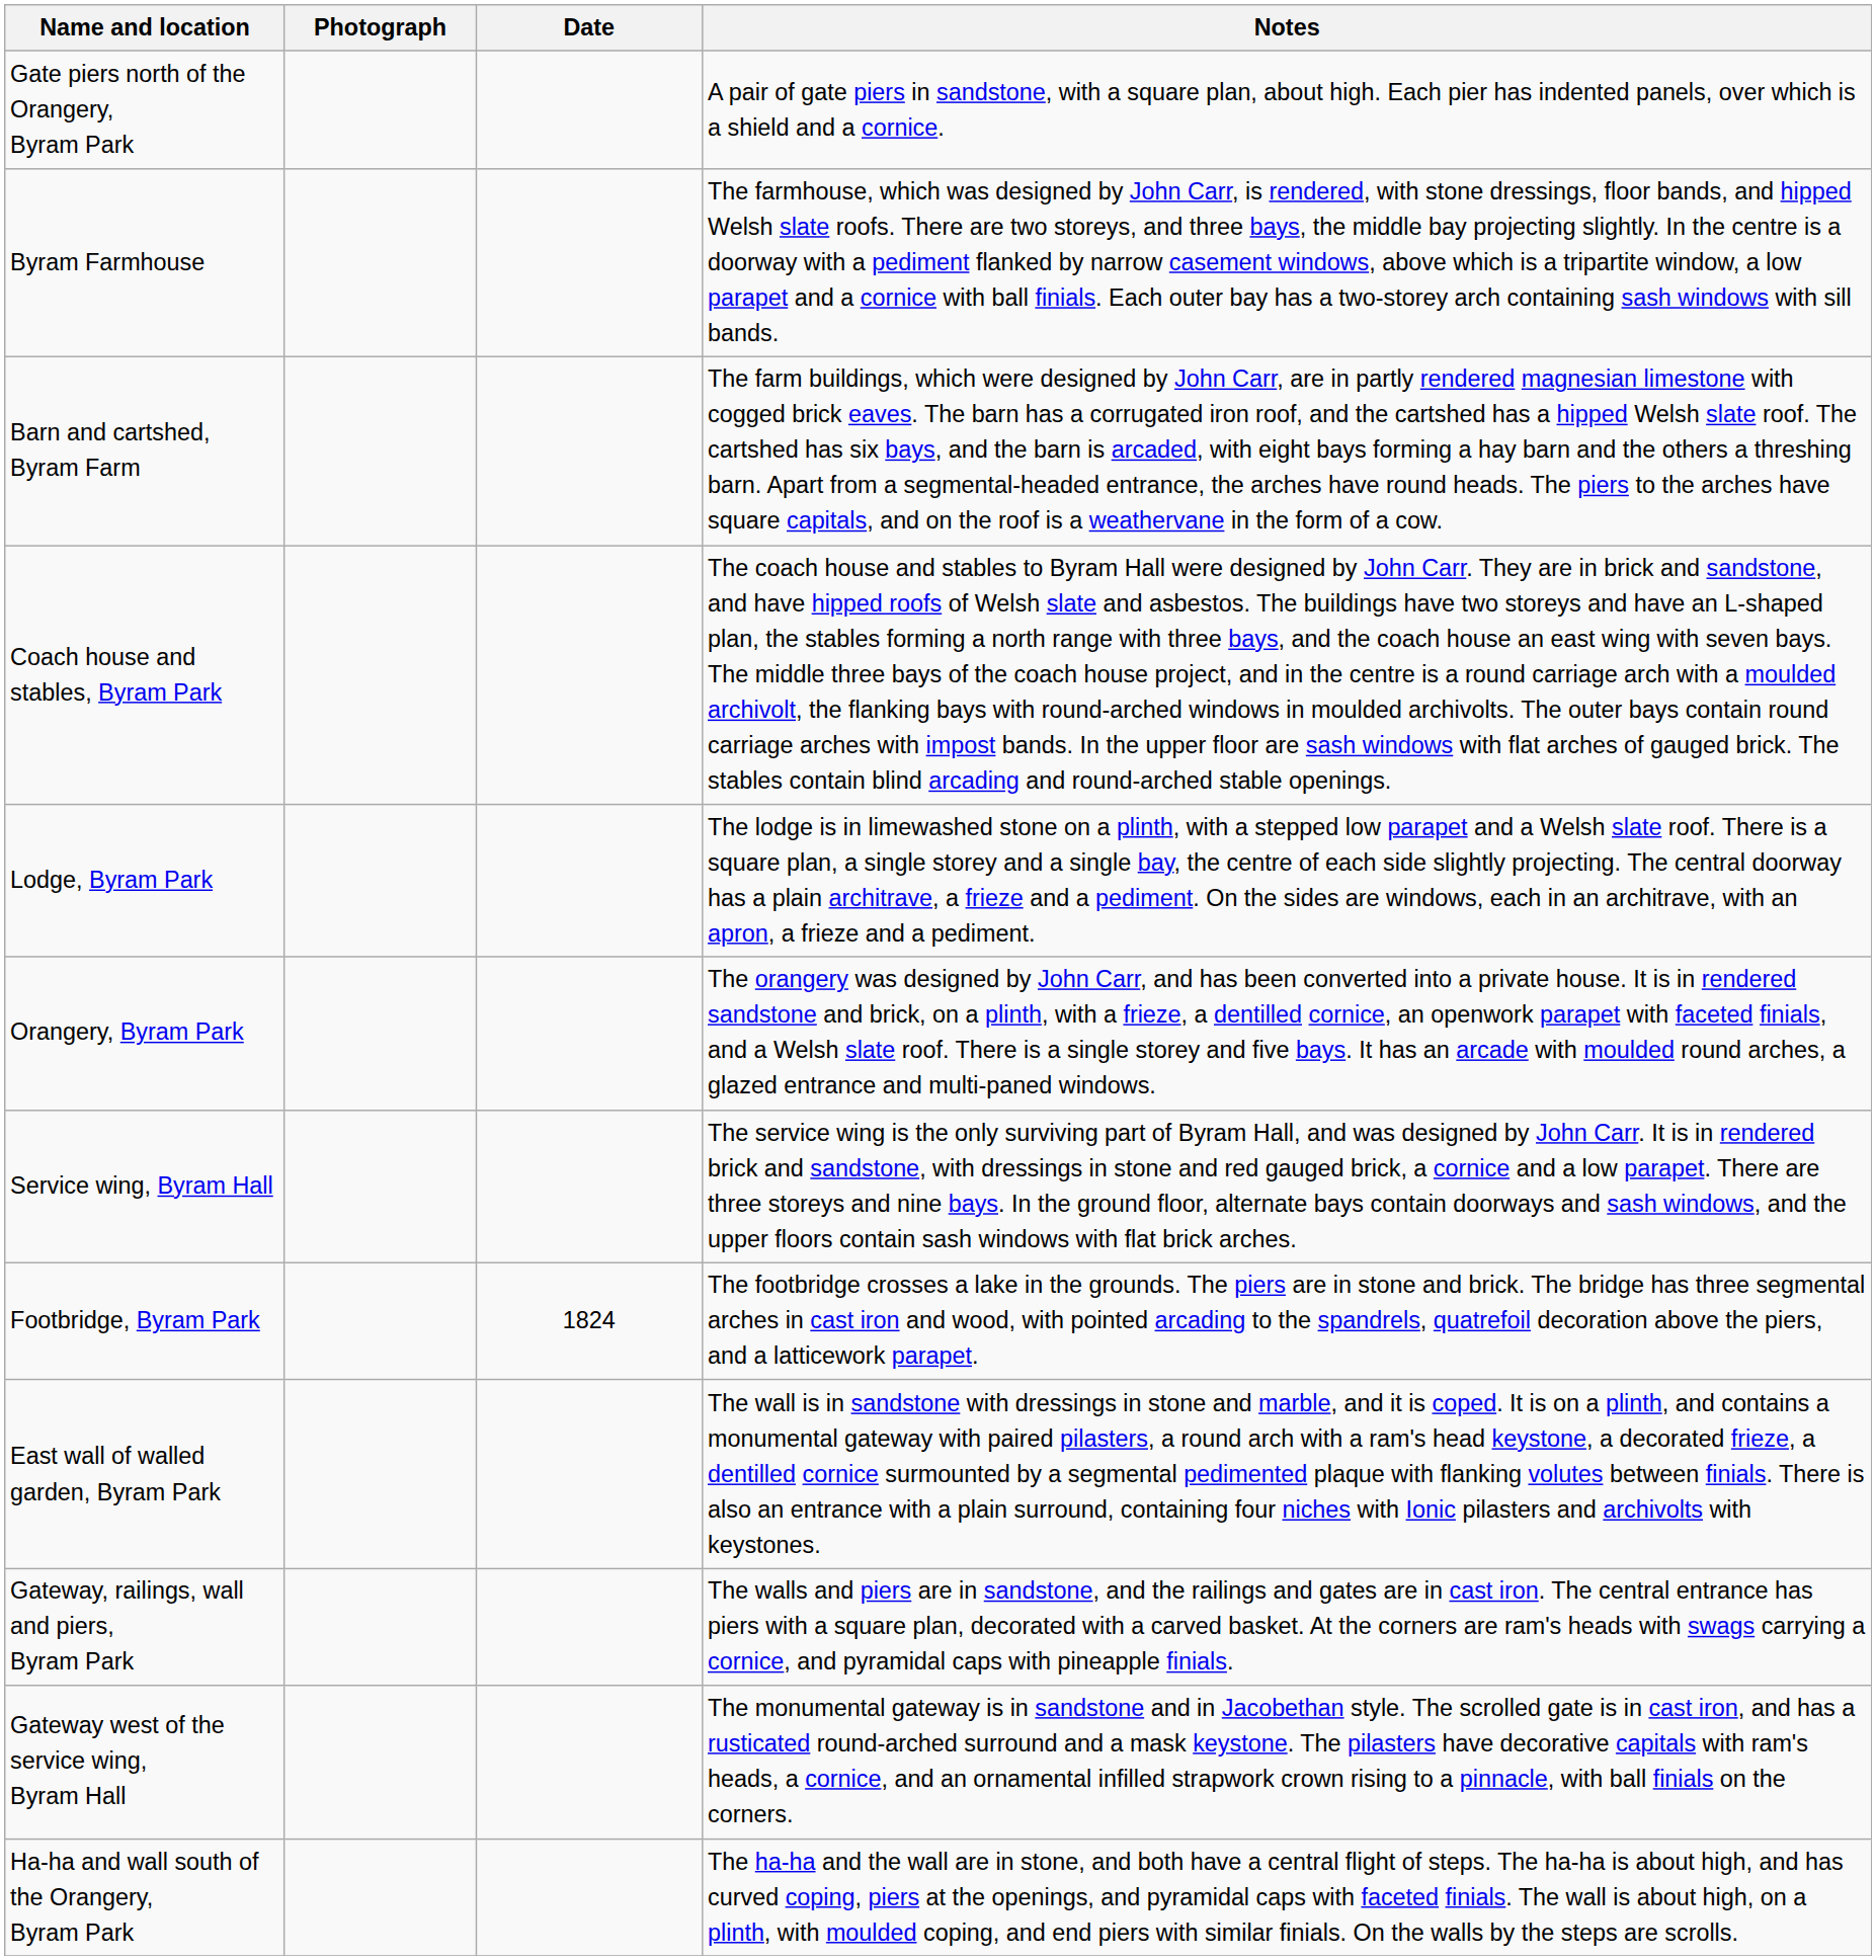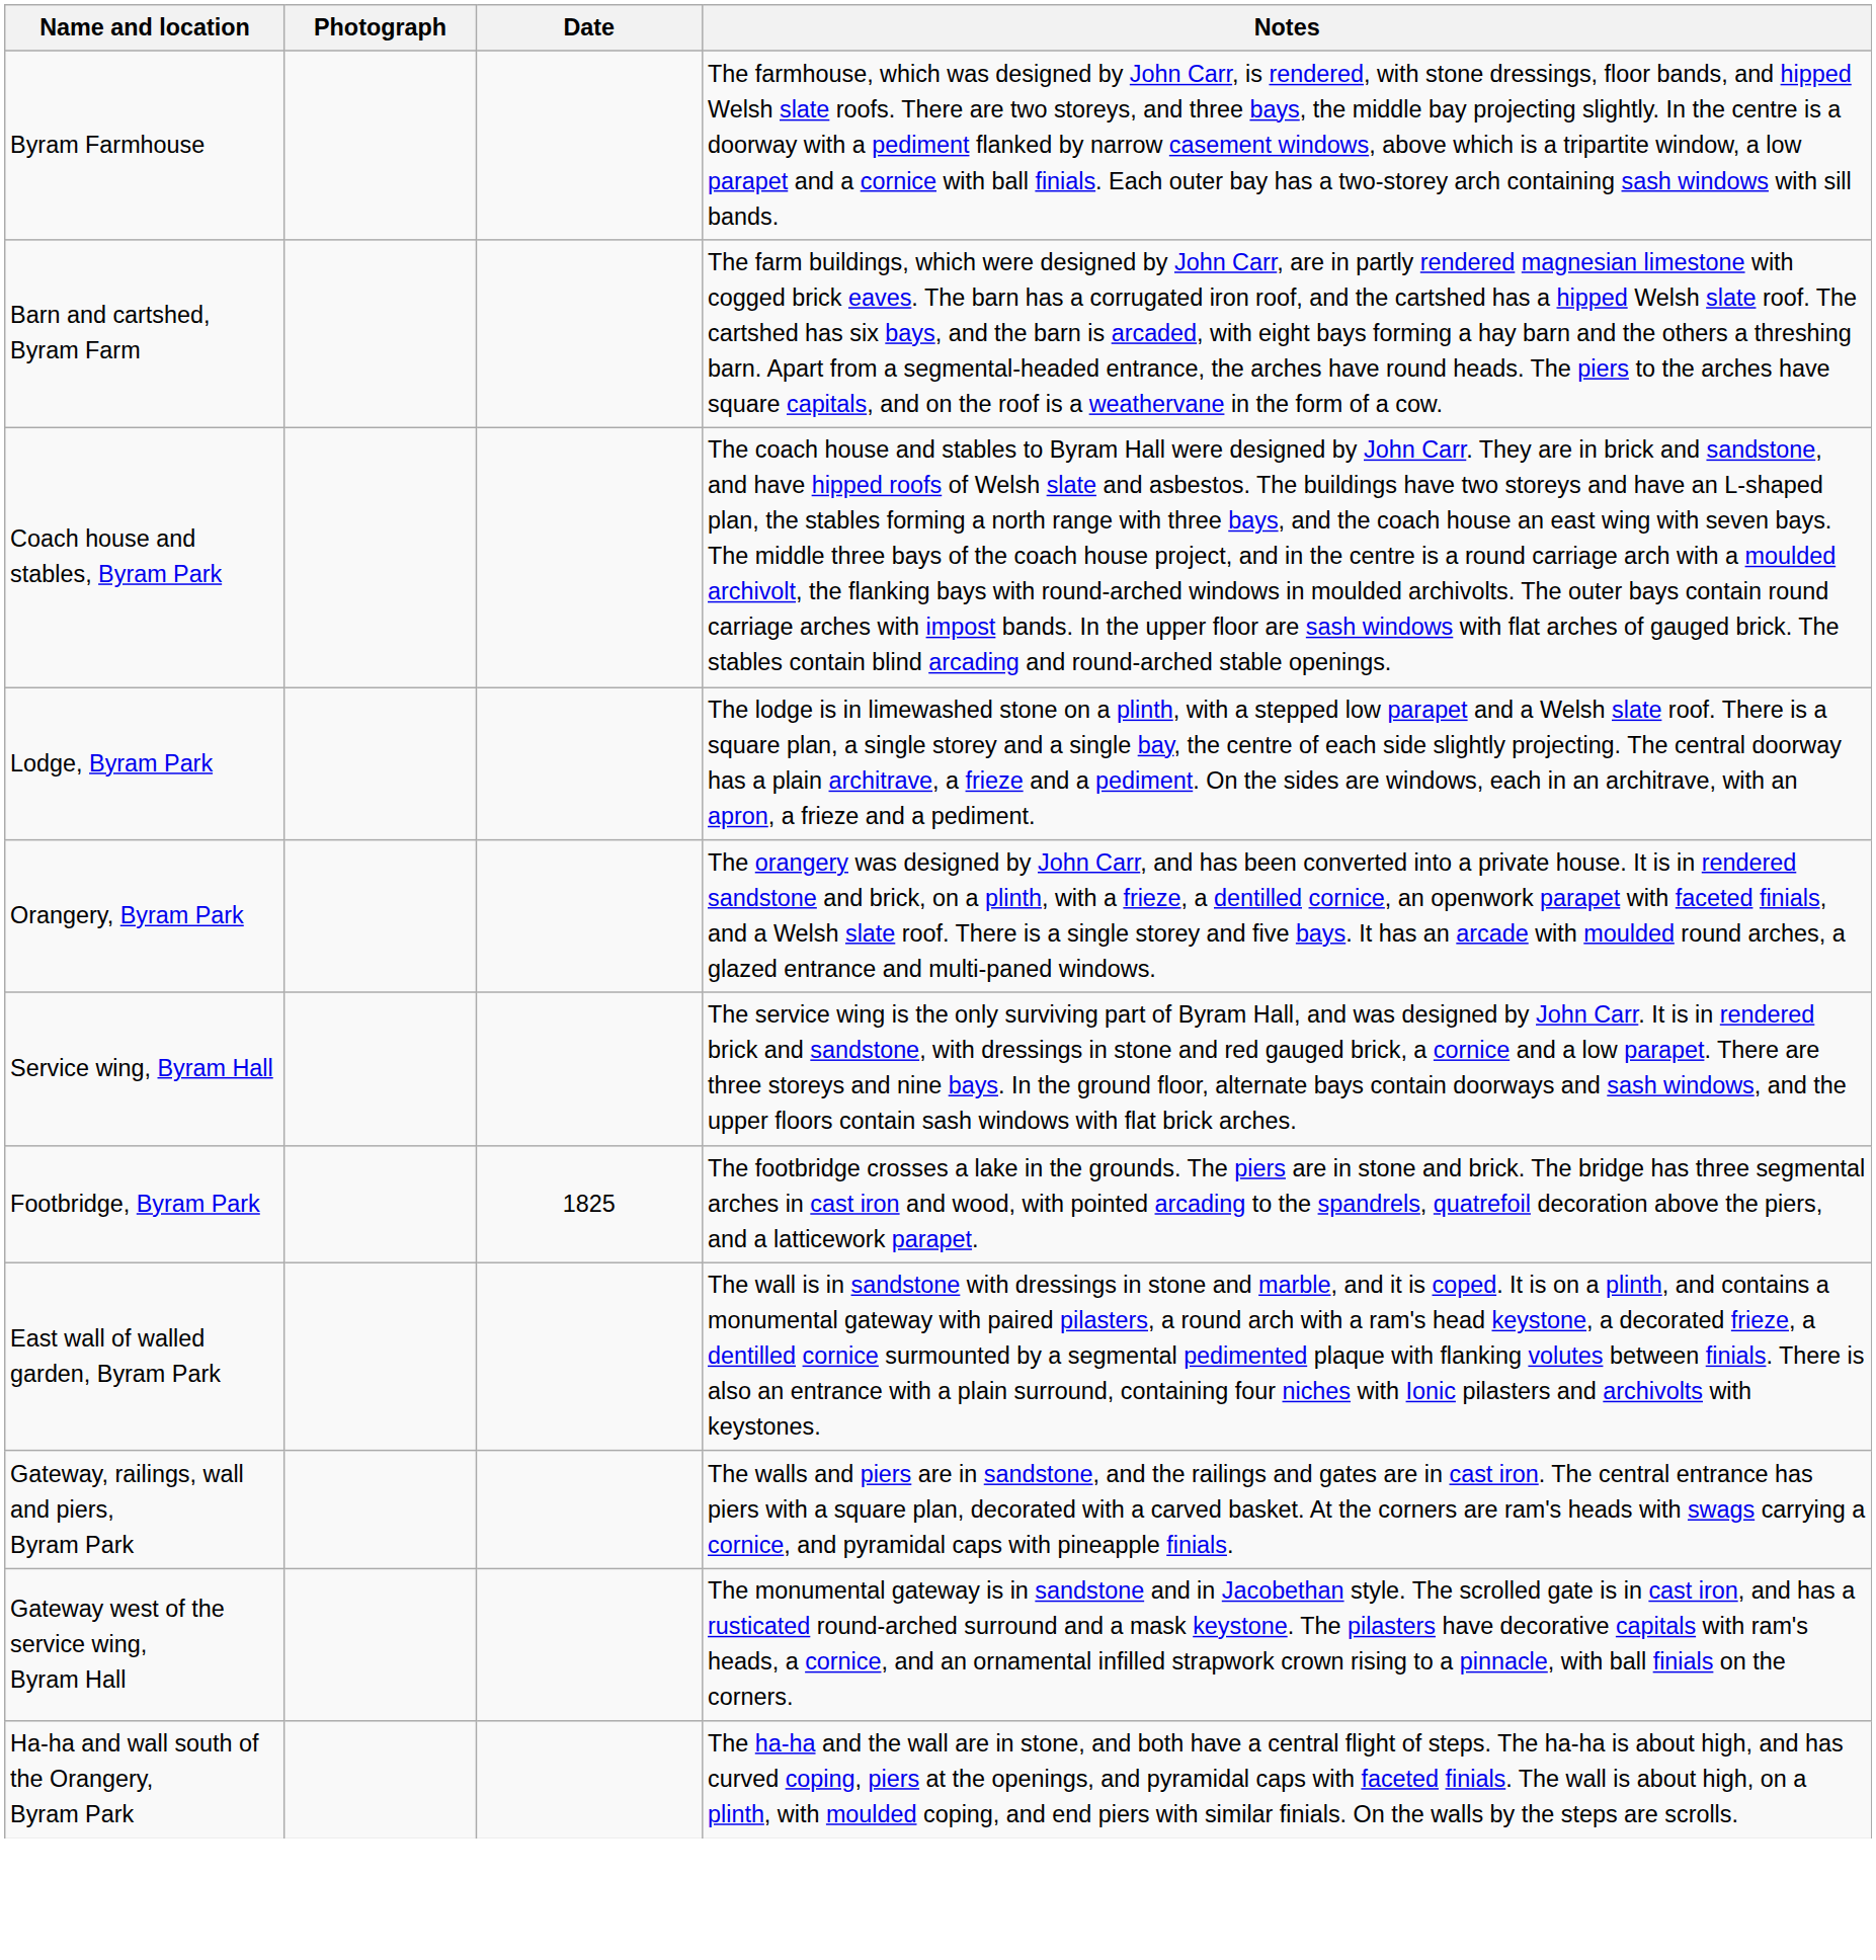 <table class="wikitable sortable plainrowheaders" style="width:100%;border:0px;text-align:left;line-height:150%;">
 <tr>
 <th scope="col"  style="width:150px">Name and location</th>
 <th scope="col"  style="width:100px" class="unsortable">Photograph</th>
 <th scope="col"  style="width:120px">Date</th>
 <th scope="col"  style="width:650px" class="unsortable">Notes</th>
-</tr>
-<tr>
-<td>Gate piers north of the Orangery,<br>Byram Park<br><small></small></td>
-<td></td>
-<td align="center"></td>
-<td>A pair of gate <a href='#'>piers</a> in <a href='#'>sandstone</a>, with a square plan, about  high.  Each pier has indented panels, over which is a shield and a <a href='#'>cornice</a>.</td>
 </tr>
 <tr>
 <td>Byram Farmhouse<br><small></small></td>
 <td></td>
 <td align="center"></td>
 <td>The farmhouse, which was designed by <a href='#'>John Carr</a>, is <a href='#'>rendered</a>, with stone dressings, floor bands, and <a href='#'>hipped</a> Welsh <a href='#'>slate</a> roofs.  There are two storeys, and three <a href='#'>bays</a>, the middle bay projecting slightly.  In the centre is a doorway with a <a href='#'>pediment</a> flanked by narrow <a href='#'>casement windows</a>, above which is a tripartite window, a low <a href='#'>parapet</a> and a <a href='#'>cornice</a> with ball <a href='#'>finials</a>.  Each outer bay has a two-storey arch containing <a href='#'>sash windows</a> with sill bands.</td>
 </tr>
 <tr>
 <td>Barn and cartshed, Byram Farm<br><small></small></td>
 <td></td>
 <td align="center"></td>
 <td>The farm buildings, which were designed by <a href='#'>John Carr</a>, are in partly <a href='#'>rendered</a> <a href='#'>magnesian limestone</a> with cogged brick <a href='#'>eaves</a>.  The barn has a corrugated iron roof, and the cartshed has a <a href='#'>hipped</a> Welsh <a href='#'>slate</a> roof.  The cartshed has six <a href='#'>bays</a>, and the barn is <a href='#'>arcaded</a>, with eight bays forming a hay barn and the others a threshing barn.  Apart from a segmental-headed entrance, the arches have round heads.  The <a href='#'>piers</a> to the arches have square <a href='#'>capitals</a>, and on the roof is a <a href='#'>weathervane</a> in the form of a cow.</td>
 </tr>
 <tr>
 <td>Coach house and stables, <a href='#'>Byram Park</a><br><small></small></td>
 <td></td>
 <td align="center"></td>
 <td>The coach house and stables to Byram Hall were designed by <a href='#'>John Carr</a>.  They are in brick and <a href='#'>sandstone</a>, and have <a href='#'>hipped roofs</a> of Welsh <a href='#'>slate</a> and asbestos.  The buildings have two storeys and have an L-shaped plan, the stables forming a north range with three <a href='#'>bays</a>, and the coach house an east wing with seven bays.  The middle three bays of the coach house project, and in the centre is a round carriage arch with a <a href='#'>moulded</a> <a href='#'>archivolt</a>, the flanking bays with round-arched windows in moulded archivolts.  The outer bays contain round carriage arches with <a href='#'>impost</a> bands.  In the upper floor are <a href='#'>sash windows</a> with flat arches of gauged brick.  The stables contain blind <a href='#'>arcading</a> and round-arched stable openings.</td>
 </tr>
 <tr>
 <td>Lodge, <a href='#'>Byram Park</a><br><small></small></td>
 <td></td>
 <td align="center"></td>
 <td>The lodge is in limewashed stone on a <a href='#'>plinth</a>, with a stepped low <a href='#'>parapet</a> and a Welsh <a href='#'>slate</a> roof.  There is a square plan, a single storey and a single <a href='#'>bay</a>, the centre of each side slightly projecting.  The central doorway has a plain <a href='#'>architrave</a>, a <a href='#'>frieze</a> and a <a href='#'>pediment</a>.  On the sides are windows, each in an architrave, with an <a href='#'>apron</a>, a frieze and a pediment.</td>
 </tr>
 <tr>
 <td>Orangery, <a href='#'>Byram Park</a><br><small></small></td>
 <td></td>
 <td align="center"></td>
 <td>The <a href='#'>orangery</a> was designed by <a href='#'>John Carr</a>, and has been converted into a private house.  It is in <a href='#'>rendered</a> <a href='#'>sandstone</a> and brick, on a <a href='#'>plinth</a>, with a <a href='#'>frieze</a>, a <a href='#'>dentilled</a> <a href='#'>cornice</a>, an openwork <a href='#'>parapet</a> with <a href='#'>faceted</a> <a href='#'>finials</a>, and a Welsh <a href='#'>slate</a> roof.  There is a single storey and five <a href='#'>bays</a>.  It has an <a href='#'>arcade</a> with <a href='#'>moulded</a> round arches, a glazed entrance and multi-paned windows.</td>
 </tr>
 <tr>
 <td>Service wing, <a href='#'>Byram Hall</a><br><small></small></td>
 <td></td>
 <td align="center"></td>
 <td>The service wing is the only surviving part of Byram Hall, and was designed by <a href='#'>John Carr</a>.  It is in <a href='#'>rendered</a> brick and <a href='#'>sandstone</a>, with dressings in stone and red gauged brick, a <a href='#'>cornice</a> and a low <a href='#'>parapet</a>.  There are three storeys and nine <a href='#'>bays</a>.  In the ground floor, alternate bays contain doorways and <a href='#'>sash windows</a>, and the upper floors contain sash windows with flat brick arches.</td>
 </tr>
 <tr>
 <td>Footbridge, <a href='#'>Byram Park</a><br><small></small></td>
 <td></td>
-<td align="center">1824</td>
+<td align="center">1825</td>
 <td>The footbridge crosses a lake in the grounds.  The <a href='#'>piers</a> are in stone and brick.  The bridge has three segmental arches in <a href='#'>cast iron</a> and wood, with pointed <a href='#'>arcading</a> to the <a href='#'>spandrels</a>, <a href='#'>quatrefoil</a> decoration above the piers, and a latticework <a href='#'>parapet</a>.</td>
 </tr>
 <tr>
 <td>East wall of walled garden, Byram Park<br><small></small></td>
 <td></td>
 <td align="center"></td>
 <td>The wall is in <a href='#'>sandstone</a> with dressings in stone and <a href='#'>marble</a>, and it is <a href='#'>coped</a>.  It is on a <a href='#'>plinth</a>, and contains a monumental gateway with paired <a href='#'>pilasters</a>, a round arch with a ram's head <a href='#'>keystone</a>, a decorated <a href='#'>frieze</a>, a <a href='#'>dentilled</a> <a href='#'>cornice</a> surmounted by a segmental <a href='#'>pedimented</a> plaque with flanking <a href='#'>volutes</a> between <a href='#'>finials</a>.  There is also an entrance with a plain surround, containing four <a href='#'>niches</a> with <a href='#'>Ionic</a> pilasters and <a href='#'>archivolts</a> with keystones.</td>
 </tr>
 <tr>
 <td>Gateway, railings, wall and piers,<br>Byram Park<br><small></small></td>
 <td></td>
 <td align="center"></td>
 <td>The walls and <a href='#'>piers</a> are in <a href='#'>sandstone</a>, and the railings and gates are in <a href='#'>cast iron</a>.  The central entrance has piers with a square plan, decorated with a carved basket. At the corners are ram's heads with <a href='#'>swags</a> carrying a <a href='#'>cornice</a>, and pyramidal caps with pineapple <a href='#'>finials</a>.</td>
 </tr>
 <tr>
 <td>Gateway west of the service wing,<br>Byram Hall<br><small></small></td>
 <td></td>
 <td align="center"></td>
 <td>The monumental gateway is in <a href='#'>sandstone</a> and in <a href='#'>Jacobethan</a> style.  The scrolled gate is in <a href='#'>cast iron</a>, and has a <a href='#'>rusticated</a> round-arched surround and a mask <a href='#'>keystone</a>.  The <a href='#'>pilasters</a> have decorative <a href='#'>capitals</a> with ram's heads, a <a href='#'>cornice</a>, and an ornamental infilled strapwork crown rising to a <a href='#'>pinnacle</a>, with ball <a href='#'>finials</a> on the corners.</td>
 </tr>
 <tr>
 <td>Ha-ha and wall south of the Orangery,<br>Byram Park<br><small></small></td>
 <td></td>
 <td align="center"></td>
 <td>The <a href='#'>ha-ha</a> and the wall are in stone, and both have a central flight of steps.  The ha-ha is about  high, and has curved <a href='#'>coping</a>, <a href='#'>piers</a> at the openings, and pyramidal caps with <a href='#'>faceted</a> <a href='#'>finials</a>.  The wall is about  high, on a <a href='#'>plinth</a>, with <a href='#'>moulded</a> coping, and end piers with similar finials.  On the walls by the steps are scrolls.</td>
 </tr>
 <tr>
 </tr>
 </table>
